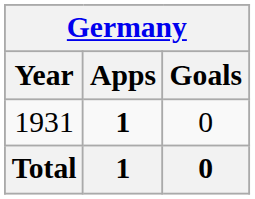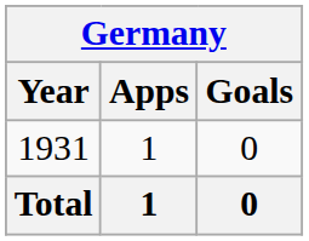 <table class="wikitable" style="text-align:center">
 <tr>
 <th colspan=3><a href='#'>Germany</a></th>
 </tr>
 <tr>
 <th>Year</th>
 <th>Apps</th>
 <th>Goals</th>
 </tr>
 <tr>
 <td>1931</td>
-<td><strong>1</strong></td>
+<td>1</td>
 <td>0</td>
 </tr>
 <tr>
 <th>Total</th>
 <th>1</th>
 <th>0</th>
 </tr>
 </table>
